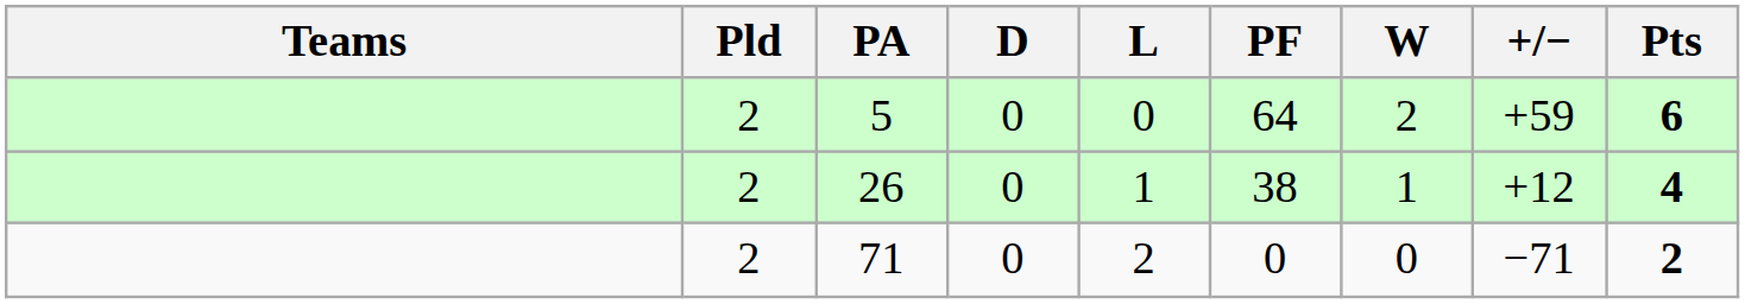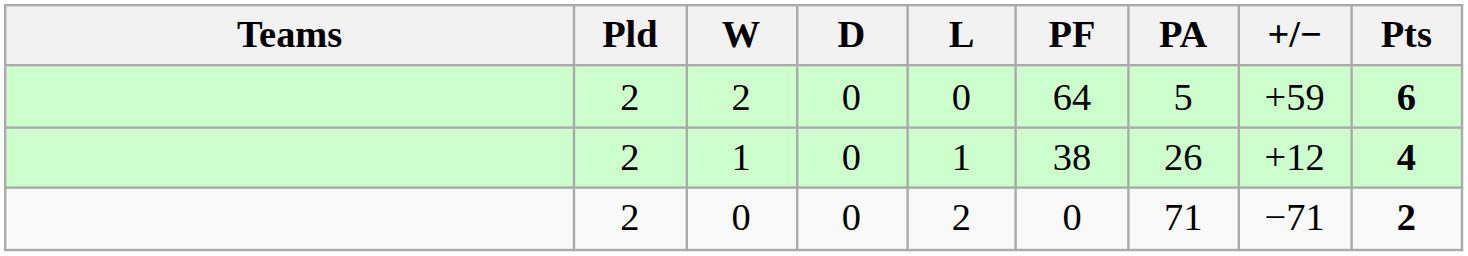 <table class="wikitable" style="text-align: center;">
 <tr>
 <th width="240">Teams</th>
 <th width="40">Pld</th>
-<th width="40">PA</th>
+<th width="40">W</th>
 <th width="40">D</th>
 <th width="40">L</th>
 <th width="40">PF</th>
-<th width="40">W</th>
+<th width="40">PA</th>
 <th width="40">+/−</th>
 <th width="40">Pts</th>
 </tr>
 <tr style="background-color:#ccffcc;">
 <td align=left></td>
 <td>2</td>
-<td>5</td>
+<td>2</td>
 <td>0</td>
 <td>0</td>
 <td>64</td>
-<td>2</td>
+<td>5</td>
 <td>+59</td>
 <td><strong>6</strong></td>
 </tr>
 <tr style="background-color:#ccffcc;">
 <td align=left></td>
 <td>2</td>
-<td>26</td>
+<td>1</td>
 <td>0</td>
 <td>1</td>
 <td>38</td>
-<td>1</td>
+<td>26</td>
 <td>+12</td>
 <td><strong>4</strong></td>
 </tr>
 <tr>
 <td align=left></td>
 <td>2</td>
-<td>71</td>
+<td>0</td>
 <td>0</td>
 <td>2</td>
 <td>0</td>
-<td>0</td>
+<td>71</td>
 <td>−71</td>
 <td><strong>2</strong></td>
 </tr>
 </table>
